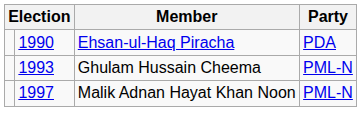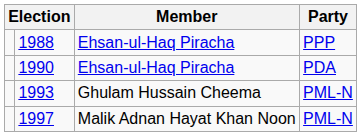 <table class="wikitable">
 <tr>
 <th colspan="2">Election</th>
 <th>Member</th>
 <th>Party</th>
+</tr>
+<tr>
+<td style="background-color: "></td>
+<td><a href='#'>1988</a></td>
+<td><a href='#'>Ehsan-ul-Haq Piracha</a></td>
+<td><a href='#'>PPP</a></td>
 </tr>
 <tr>
 <td style="background-color: "></td>
 <td><a href='#'>1990</a></td>
 <td><a href='#'>Ehsan-ul-Haq Piracha</a></td>
 <td><a href='#'>PDA</a></td>
 </tr>
 <tr>
 <td style="background-color: "></td>
 <td><a href='#'>1993</a></td>
 <td>Ghulam Hussain Cheema</td>
 <td><a href='#'>PML-N</a></td>
 </tr>
 <tr>
 <td style="background-color: "></td>
 <td><a href='#'>1997</a></td>
 <td>Malik Adnan Hayat Khan Noon</td>
 <td><a href='#'>PML-N</a></td>
 </tr>
 </table>
